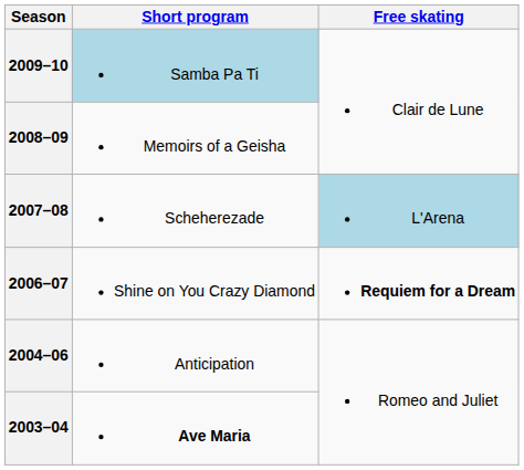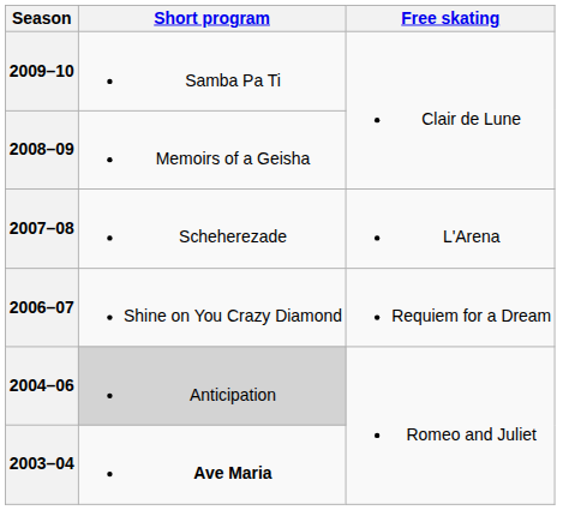 <table class="wikitable" style="text-align:center">
 <tr>
 <th>Season</th>
 <th><a href='#'>Short program</a></th>
 <th><a href='#'>Free skating</a></th>
 </tr>
 <tr>
 <th>2009–10 <br> </th>
-<td style="background: lightblue;"><br><ul><li>Samba Pa Ti <br></li></ul></td>
+<td><br><ul><li>Samba Pa Ti <br></li></ul></td>
 <td rowspan=2><br><ul><li>Clair de Lune <br></li></ul></td>
 </tr>
 <tr>
 <th>2008–09 <br> </th>
 <td><br><ul><li>Memoirs of a Geisha <br></li></ul></td>
 </tr>
 <tr>
 <th>2007–08 <br> </th>
 <td><br><ul><li>Scheherezade <br></li></ul></td>
-<td style="background: lightblue;"><br><ul><li>L'Arena <br></li></ul></td>
+<td><br><ul><li>L'Arena <br></li></ul></td>
 </tr>
 <tr>
 <th>2006–07 <br> </th>
 <td><br><ul><li>Shine on You Crazy Diamond <br></li></ul></td>
-<td><strong><br><ul><li>Requiem for a Dream <br></li></ul></strong></td>
+<td><br><ul><li>Requiem for a Dream <br></li></ul></td>
 </tr>
 <tr>
 <th>2004–06 <br> </th>
-<td><br><ul><li>Anticipation <br></li></ul></td>
+<td style="background: lightgrey;"><br><ul><li>Anticipation <br></li></ul></td>
 <td rowspan=2><br><ul><li>Romeo and Juliet <br></li></ul></td>
 </tr>
 <tr>
 <th>2003–04 <br> </th>
 <td><strong><br><ul><li>Ave Maria</li></ul></strong></td>
 </tr>
 </table>
